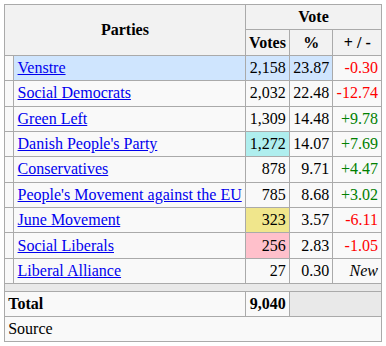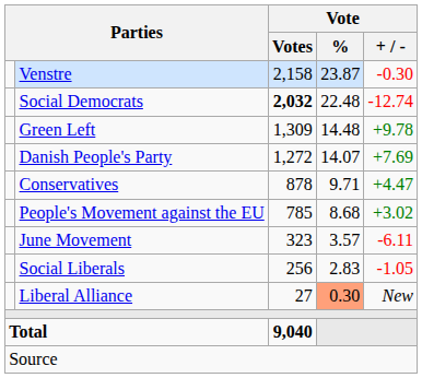 <table class="wikitable" style="text-align:right;">
 <tr>
 <th style="text-align:centre;" rowspan="2" colspan="2" width="225">Parties</th>
 <th colspan="3">Vote</th>
 </tr>
 <tr>
 <th width="15">Votes</th>
 <th width="15">%</th>
 <th width="15">+ / -</th>
 </tr>
 <tr>
 <td width="2" style="color:inherit;background:"></td>
 <td bgcolor=#cfe5fe   align="left"><a href='#'>Venstre</a></td>
 <td bgcolor=#cfe5fe>2,158</td>
 <td bgcolor=#cfe5fe>23.87</td>
 <td style=color:red;>-0.30</td>
 </tr>
 <tr>
 <td width="2" style="color:inherit;background:"></td>
 <td align="left"><a href='#'>Social Democrats</a></td>
-<td>2,032</td>
+<td><strong>2,032</strong></td>
 <td>22.48</td>
 <td style=color:red;>-12.74</td>
 </tr>
 <tr>
 <td width="2" style="color:inherit;background:"></td>
 <td align="left"><a href='#'>Green Left</a></td>
 <td>1,309</td>
 <td>14.48</td>
 <td style=color:green;>+9.78</td>
 </tr>
 <tr>
 <td width="2" style="color:inherit;background:"></td>
 <td align="left"><a href='#'>Danish People's Party</a></td>
-<td style="background: paleturquoise;">1,272</td>
+<td>1,272</td>
 <td>14.07</td>
 <td style=color:green;>+7.69</td>
 </tr>
 <tr>
 <td width="2" style="color:inherit;background:"></td>
 <td align="left"><a href='#'>Conservatives</a></td>
 <td>878</td>
 <td>9.71</td>
 <td style=color:green;>+4.47</td>
 </tr>
 <tr>
 <td width="2" style="color:inherit;background:"></td>
 <td align="left"><a href='#'>People's Movement against the EU</a></td>
 <td>785</td>
 <td>8.68</td>
 <td style=color:green;>+3.02</td>
 </tr>
 <tr>
 <td width="2" style="color:inherit;background:"></td>
 <td align="left"><a href='#'>June Movement</a></td>
-<td style="background: khaki;">323</td>
+<td>323</td>
 <td>3.57</td>
 <td style=color:red;>-6.11</td>
 </tr>
 <tr>
 <td width="2" style="color:inherit;background:"></td>
 <td align="left"><a href='#'>Social Liberals</a></td>
-<td style="background: pink;">256</td>
+<td>256</td>
 <td>2.83</td>
 <td style=color:red;>-1.05</td>
 </tr>
 <tr>
 <td width="2" style="color:inherit;background:"></td>
 <td align="left"><a href='#'>Liberal Alliance</a></td>
 <td>27</td>
-<td>0.30</td>
+<td style="background: lightsalmon;">0.30</td>
 <td><em>New</em></td>
 </tr>
 <tr>
 <td colspan="7" bgcolor="#E9E9E9"></td>
 </tr>
 <tr>
 <td align="left" colspan="2"><strong>Total</strong></td>
 <td><strong>9,040</strong></td>
 <td bgcolor="#E9E9E9" colspan="2"></td>
 </tr>
 <tr>
 <td align="left" colspan="6">Source</td>
 </tr>
 </table>
